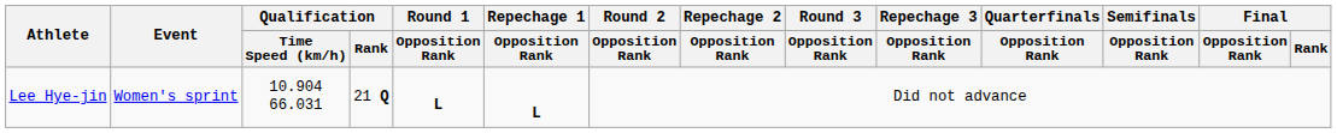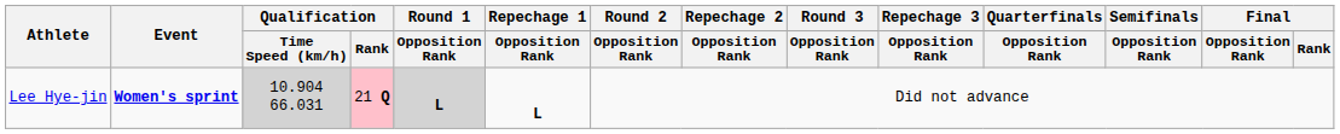 <table class="wikitable" style="font-size:90%; text-align:center">
 <tr>
 <th rowspan="2">Athlete</th>
 <th rowspan="2">Event</th>
 <th colspan="2">Qualification</th>
 <th>Round 1</th>
 <th>Repechage 1</th>
 <th>Round 2</th>
 <th>Repechage 2</th>
 <th>Round 3</th>
 <th>Repechage 3</th>
 <th>Quarterfinals</th>
 <th>Semifinals</th>
 <th colspan="2">Final</th>
 </tr>
 <tr style="font-size:95%">
 <th>Time<br>Speed (km/h)</th>
 <th>Rank</th>
 <th>Opposition<br>Rank</th>
 <th>Opposition<br>Rank</th>
 <th>Opposition<br>Rank</th>
 <th>Opposition<br>Rank</th>
 <th>Opposition<br>Rank</th>
 <th>Opposition<br>Rank</th>
 <th>Opposition<br>Rank</th>
 <th>Opposition<br>Rank</th>
 <th>Opposition<br>Rank</th>
 <th>Rank</th>
 </tr>
 <tr>
 <td style="text-align:left"><a href='#'>Lee Hye-jin</a></td>
-<td style="text-align:left"><a href='#'>Women's sprint</a></td>
-<td>10.904<br>66.031</td>
-<td>21 <strong>Q</strong></td>
-<td><br><strong>L</strong></td>
+<td style="text-align:left"><strong><a href='#'>Women's sprint</a></strong></td>
+<td style="background: lightgrey;">10.904<br>66.031</td>
+<td style="background: pink;">21 <strong>Q</strong></td>
+<td style="background: lightgrey;"><br><strong>L</strong></td>
 <td><br><br><strong>L</strong></td>
 <td colspan="8">Did not advance</td>
 </tr>
 </table>
